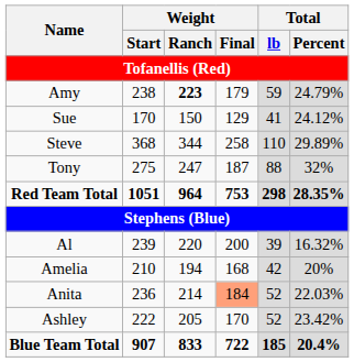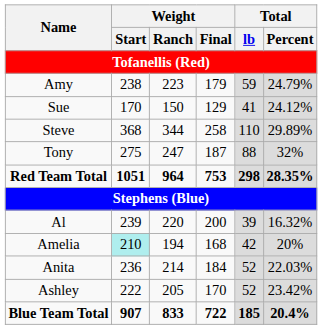 <table class="wikitable" style="text-align:center;" align="right">
 <tr>
 <th rowspan=2>Name</th>
 <th colspan=3>Weight</th>
 <th colspan=2>Total</th>
 </tr>
 <tr>
 <th>Start</th>
 <th>Ranch</th>
 <th>Final</th>
 <th><a href='#'>lb</a></th>
 <th>Percent</th>
 </tr>
 <tr>
 <td colspan=6 style="background-color:red; color:white; font-weight:bold">Tofanellis (Red)</td>
 </tr>
 <tr>
 <td>Amy</td>
 <td>238</td>
-<td><strong>223</strong></td>
+<td>223</td>
 <td>179</td>
 <td bgcolor="gainsboro">59</td>
 <td bgcolor="gainsboro">24.79%</td>
 </tr>
 <tr>
 <td>Sue</td>
 <td>170</td>
 <td>150</td>
 <td>129</td>
 <td bgcolor="gainsboro">41</td>
 <td bgcolor="gainsboro">24.12%</td>
 </tr>
 <tr>
 <td>Steve</td>
 <td>368</td>
 <td>344</td>
 <td>258</td>
 <td bgcolor="gainsboro">110</td>
 <td bgcolor="gainsboro">29.89%</td>
 </tr>
 <tr>
 <td>Tony</td>
 <td>275</td>
 <td>247</td>
 <td>187</td>
 <td bgcolor="gainsboro">88</td>
 <td bgcolor="gainsboro">32%</td>
 </tr>
 <tr style="font-weight: bold">
 <td>Red Team Total</td>
 <td>1051</td>
 <td>964</td>
 <td>753</td>
 <td bgcolor="gainsboro">298</td>
 <td bgcolor="gainsboro">28.35%</td>
 </tr>
 <tr>
 <td colspan=6 style="background-color:blue; color:white; font-weight:bold">Stephens (Blue)</td>
 </tr>
 <tr>
 <td>Al</td>
 <td>239</td>
 <td>220</td>
 <td>200</td>
 <td bgcolor="gainsboro">39</td>
 <td bgcolor="gainsboro">16.32%</td>
 </tr>
 <tr>
 <td>Amelia</td>
-<td>210</td>
+<td style="background: paleturquoise;">210</td>
 <td>194</td>
 <td>168</td>
 <td bgcolor="gainsboro">42</td>
 <td bgcolor="gainsboro">20%</td>
 </tr>
 <tr>
 <td>Anita</td>
 <td>236</td>
 <td>214</td>
-<td style="background: lightsalmon;">184</td>
+<td>184</td>
 <td bgcolor="gainsboro">52</td>
 <td bgcolor="gainsboro">22.03%</td>
 </tr>
 <tr>
 <td>Ashley</td>
 <td>222</td>
 <td>205</td>
 <td>170</td>
 <td bgcolor="gainsboro">52</td>
 <td bgcolor="gainsboro">23.42%</td>
 </tr>
 <tr style="font-weight: bold">
 <td>Blue Team Total</td>
 <td>907</td>
 <td>833</td>
 <td>722</td>
 <td bgcolor="gainsboro">185</td>
 <td bgcolor="gainsboro">20.4%</td>
 </tr>
 </table>
